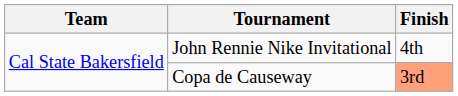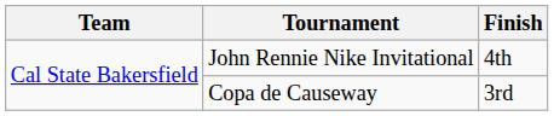 <table class="wikitable">
 <tr>
 <th>Team</th>
 <th>Tournament</th>
 <th>Finish</th>
 </tr>
 <tr>
 <td rowspan="2"><a href='#'>Cal State Bakersfield</a></td>
 <td>John Rennie Nike Invitational</td>
 <td>4th</td>
 </tr>
 <tr>
 <td>Copa de Causeway</td>
-<td style="background: lightsalmon;">3rd</td>
+<td>3rd</td>
 </tr>
 </table>
